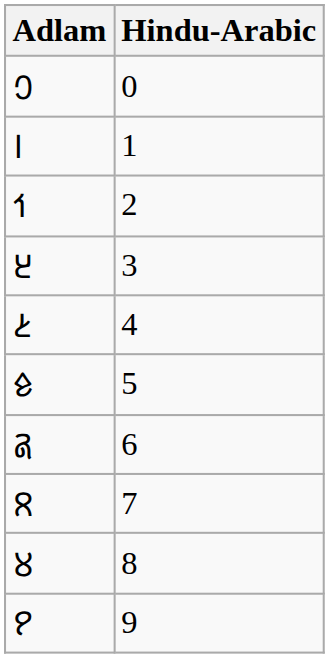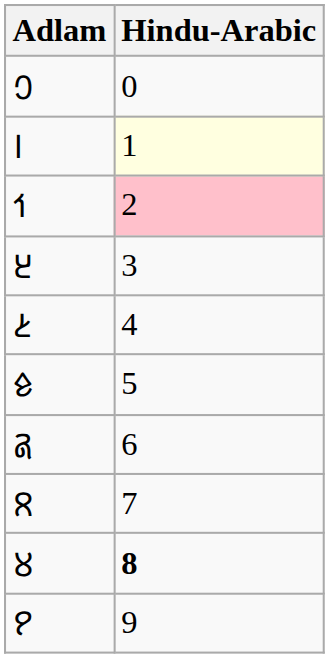 <table class=wikitable>
 <tr>
 <th>Adlam</th>
 <th>Hindu-Arabic</th>
 </tr>
 <tr>
 <td>𞥐</td>
 <td>0</td>
 </tr>
 <tr>
 <td>𞥑</td>
-<td>1</td>
+<td style="background: lightyellow;">1</td>
 </tr>
 <tr>
 <td>𞥒</td>
-<td>2</td>
+<td style="background: pink;">2</td>
 </tr>
 <tr>
 <td>𞥓</td>
 <td>3</td>
 </tr>
 <tr>
 <td>𞥔</td>
 <td>4</td>
 </tr>
 <tr>
 <td>𞥕</td>
 <td>5</td>
 </tr>
 <tr>
 <td>𞥖</td>
 <td>6</td>
 </tr>
 <tr>
 <td>𞥗</td>
 <td>7</td>
 </tr>
 <tr>
 <td>𞥘</td>
-<td>8</td>
+<td><strong>8</strong></td>
 </tr>
 <tr>
 <td>𞥙</td>
 <td>9</td>
 </tr>
 </table>
